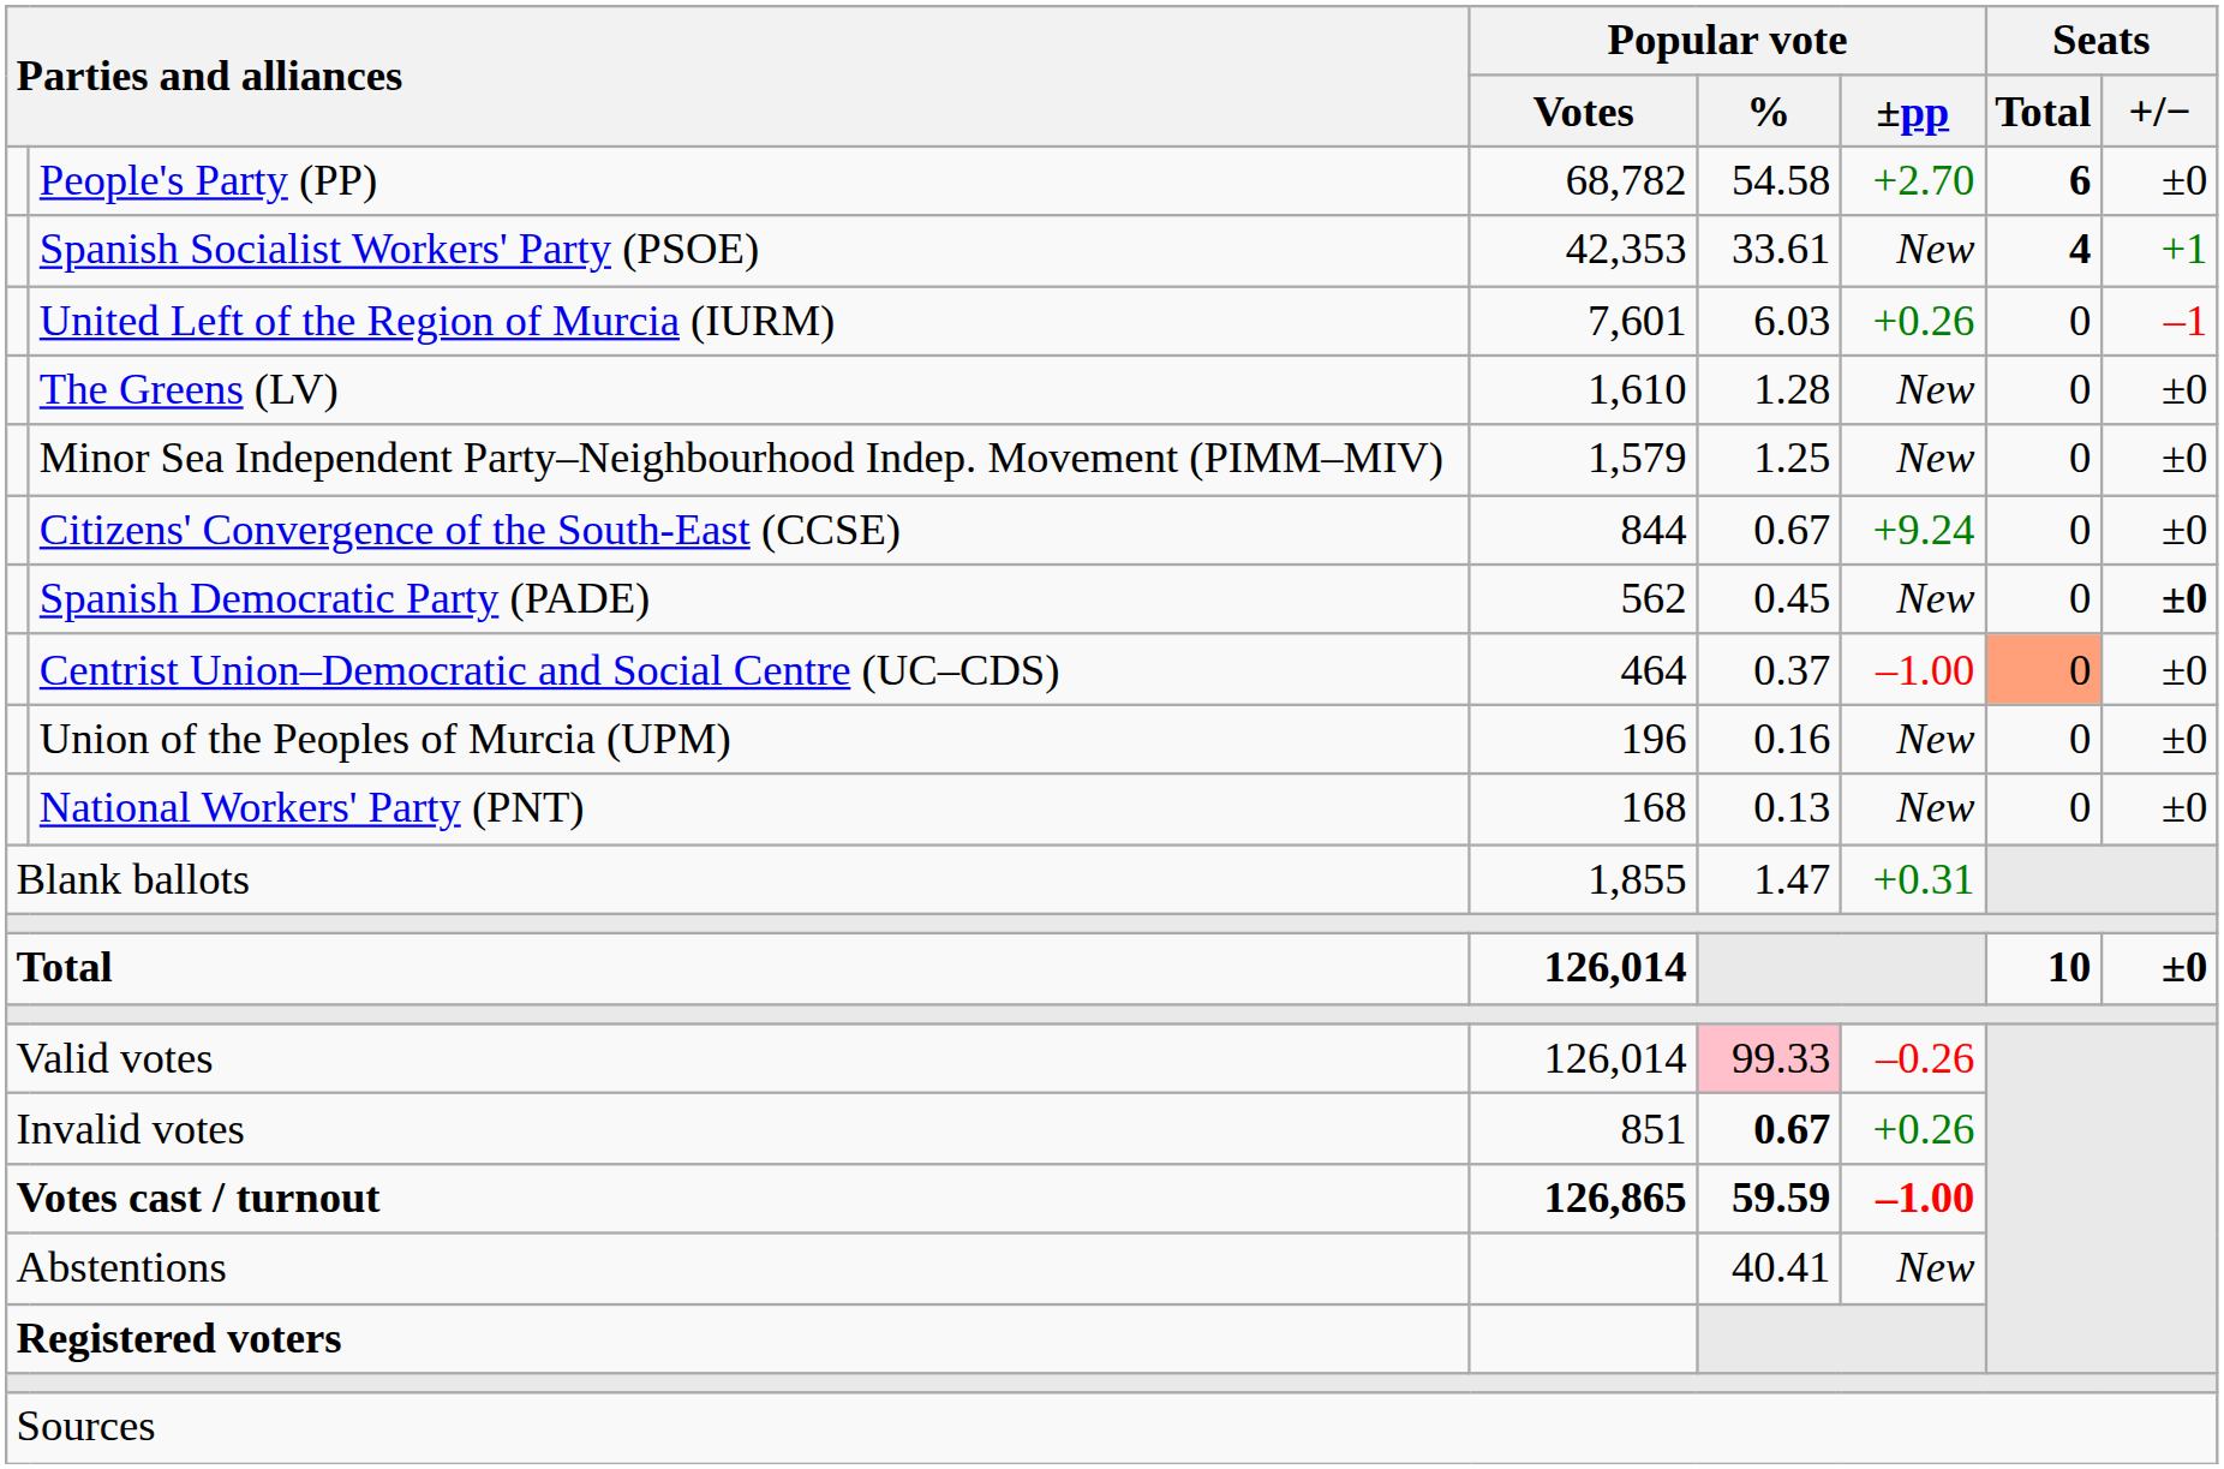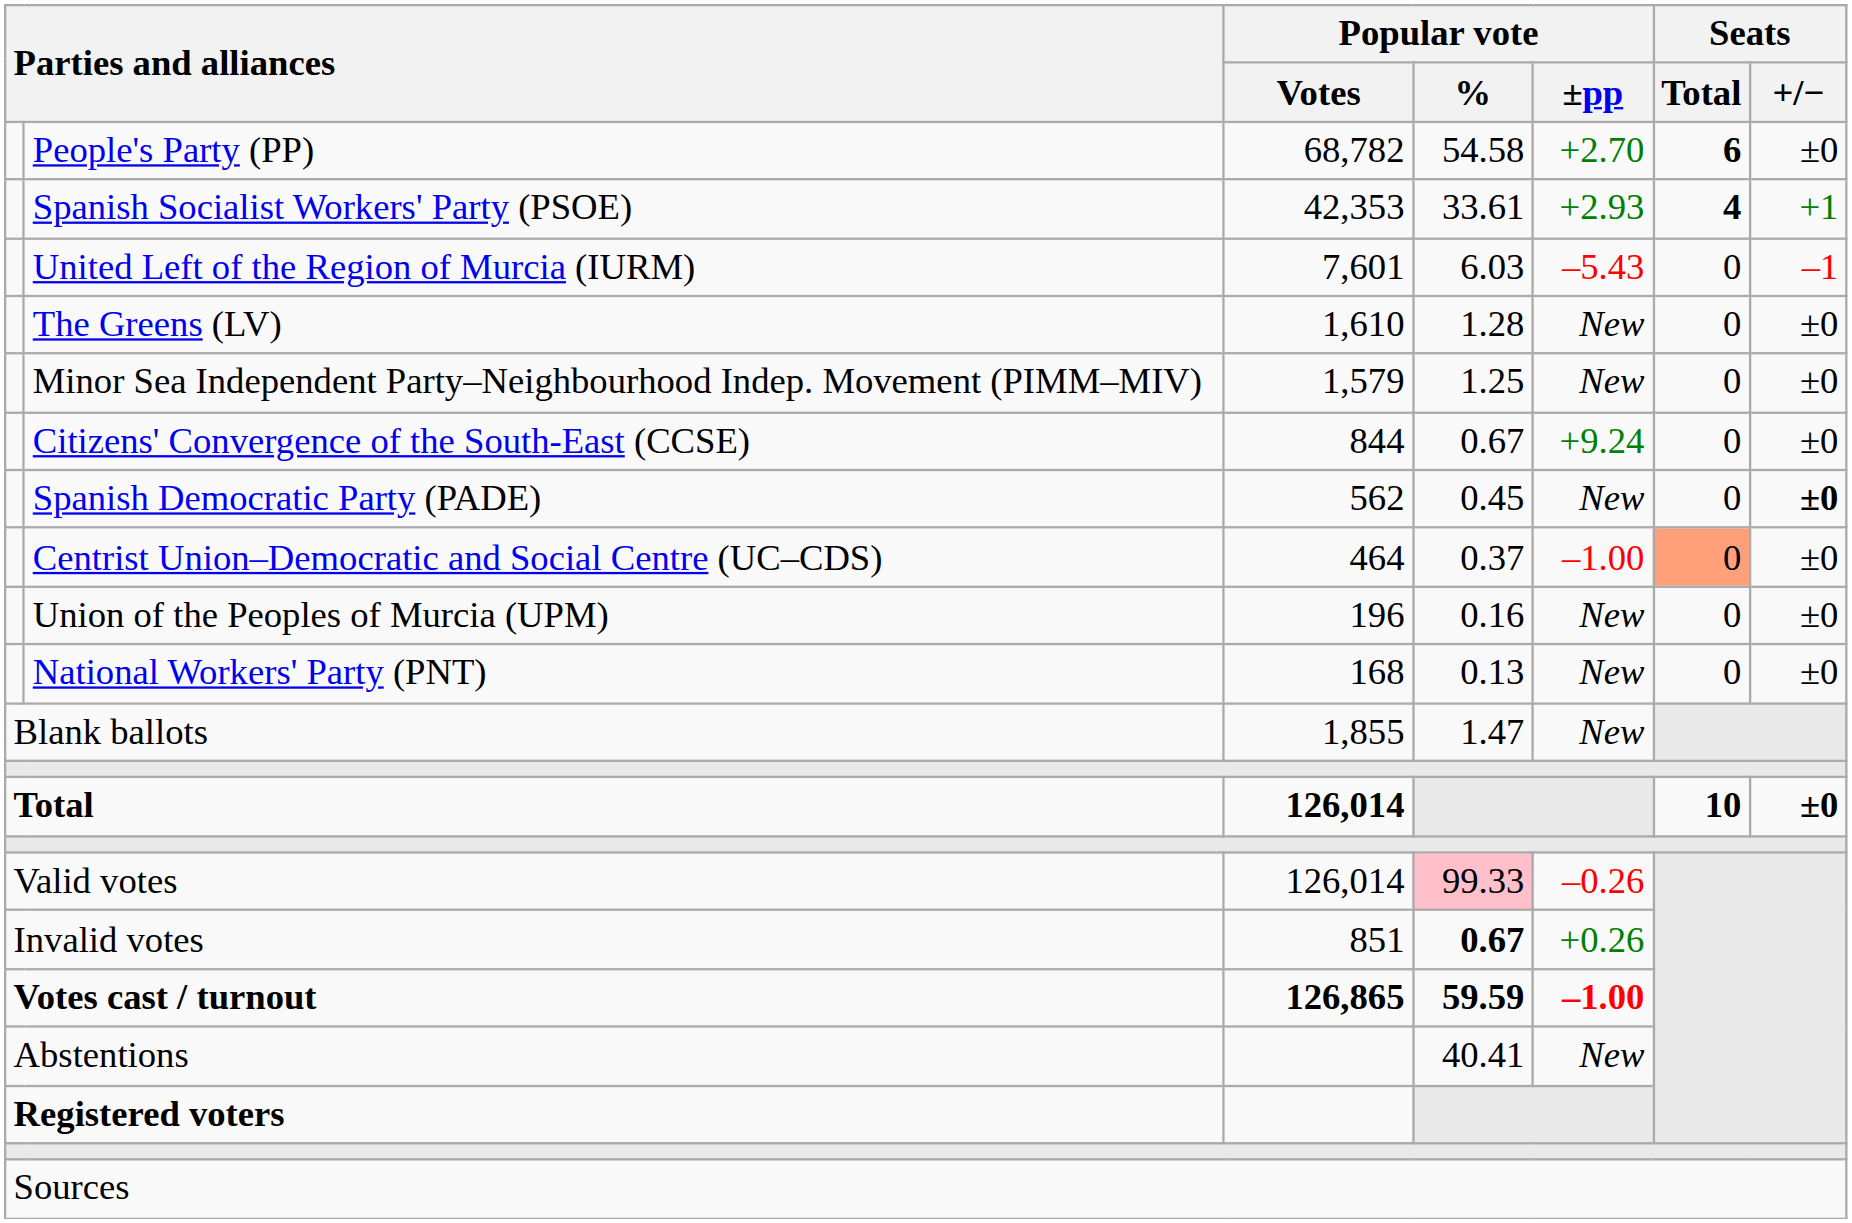 <table class="wikitable" style="text-align:right;">
 <tr>
 <th style="text-align:left;" rowspan="2" colspan="2" width="525">Parties and alliances</th>
 <th colspan="3">Popular vote</th>
 <th colspan="2">Seats</th>
 </tr>
 <tr>
 <th width="75">Votes</th>
 <th width="45">%</th>
 <th width="45">±<a href='#'>pp</a></th>
 <th width="35">Total</th>
 <th width="35">+/−</th>
 </tr>
 <tr>
 <td width="1" style="color:inherit;background:"></td>
 <td align="left"><a href='#'>People's Party</a> (PP)</td>
 <td>68,782</td>
 <td>54.58</td>
 <td style="color:green;">+2.70</td>
 <td><strong>6</strong></td>
 <td>±0</td>
 </tr>
 <tr>
 <td style="color:inherit;background:"></td>
 <td align="left"><a href='#'>Spanish Socialist Workers' Party</a> (PSOE)</td>
 <td>42,353</td>
 <td>33.61</td>
-<td><em>New</em></td>
+<td style="color:green;">+2.93</td>
 <td><strong>4</strong></td>
 <td style="color:green;">+1</td>
 </tr>
 <tr>
 <td style="color:inherit;background:"></td>
 <td align="left"><a href='#'>United Left of the Region of Murcia</a> (IURM)</td>
 <td>7,601</td>
 <td>6.03</td>
-<td style="color:green;">+0.26</td>
+<td style="color:red;">–5.43</td>
 <td>0</td>
 <td style="color:red;">–1</td>
 </tr>
 <tr>
 <td style="color:inherit;background:"></td>
 <td align="left"><a href='#'>The Greens</a> (LV)</td>
 <td>1,610</td>
 <td>1.28</td>
 <td><em>New</em></td>
 <td>0</td>
 <td>±0</td>
 </tr>
 <tr>
 <td style="color:inherit;background:"></td>
 <td align="left">Minor Sea Independent Party–Neighbourhood Indep. Movement (PIMM–MIV)</td>
 <td>1,579</td>
 <td>1.25</td>
 <td><em>New</em></td>
 <td>0</td>
 <td>±0</td>
 </tr>
 <tr>
 <td style="color:inherit;background:"></td>
 <td align="left"><a href='#'>Citizens' Convergence of the South-East</a> (CCSE)</td>
 <td>844</td>
 <td>0.67</td>
 <td style="color:green;">+9.24</td>
 <td>0</td>
 <td>±0</td>
 </tr>
 <tr>
 <td style="color:inherit;background:"></td>
 <td align="left"><a href='#'>Spanish Democratic Party</a> (PADE)</td>
 <td>562</td>
 <td>0.45</td>
 <td><em>New</em></td>
 <td>0</td>
 <td><strong>±0</strong></td>
 </tr>
 <tr>
 <td style="color:inherit;background:"></td>
 <td align="left"><a href='#'>Centrist Union–Democratic and Social Centre</a> (UC–CDS)</td>
 <td>464</td>
 <td>0.37</td>
 <td style="color:red;">–1.00</td>
 <td style="background: lightsalmon;">0</td>
 <td>±0</td>
 </tr>
 <tr>
 <td style="color:inherit;background:"></td>
 <td align="left">Union of the Peoples of Murcia (UPM)</td>
 <td>196</td>
 <td>0.16</td>
 <td><em>New</em></td>
 <td>0</td>
 <td>±0</td>
 </tr>
 <tr>
 <td style="color:inherit;background:"></td>
 <td align="left"><a href='#'>National Workers' Party</a> (PNT)</td>
 <td>168</td>
 <td>0.13</td>
 <td><em>New</em></td>
 <td>0</td>
 <td>±0</td>
 </tr>
 <tr>
 <td align="left" colspan="2">Blank ballots</td>
 <td>1,855</td>
 <td>1.47</td>
-<td style="color:green;">+0.31</td>
+<td><em>New</em></td>
 <td bgcolor="#E9E9E9" colspan="2"></td>
 </tr>
 <tr>
 <td colspan="7" bgcolor="#E9E9E9"></td>
 </tr>
 <tr style="font-weight:bold;">
 <td align="left" colspan="2">Total</td>
 <td>126,014</td>
 <td bgcolor="#E9E9E9" colspan="2"></td>
 <td>10</td>
 <td>±0</td>
 </tr>
 <tr>
 <td colspan="7" bgcolor="#E9E9E9"></td>
 </tr>
 <tr>
 <td align="left" colspan="2">Valid votes</td>
 <td>126,014</td>
 <td style="background: pink;">99.33</td>
 <td style="color:red;">–0.26</td>
 <td bgcolor="#E9E9E9" colspan="2" rowspan="5"></td>
 </tr>
 <tr>
 <td align="left" colspan="2">Invalid votes</td>
 <td>851</td>
 <td><strong>0.67</strong></td>
 <td style="color:green;">+0.26</td>
 </tr>
 <tr style="font-weight:bold;">
 <td align="left" colspan="2">Votes cast / turnout</td>
 <td>126,865</td>
 <td>59.59</td>
 <td style="color:red;">–1.00</td>
 </tr>
 <tr>
 <td align="left" colspan="2">Abstentions</td>
 <td></td>
 <td>40.41</td>
 <td><em>New</em></td>
 </tr>
 <tr style="font-weight:bold;">
 <td align="left" colspan="2">Registered voters</td>
 <td></td>
 <td bgcolor="#E9E9E9" colspan="2"></td>
 </tr>
 <tr>
 <td colspan="7" bgcolor="#E9E9E9"></td>
 </tr>
 <tr>
 <td align="left" colspan="7">Sources</td>
 </tr>
 </table>
